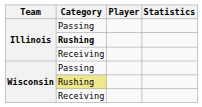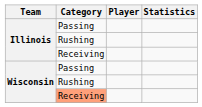 <table class="wikitable" style="float:right">
 <tr>
 <th>Team</th>
 <th>Category</th>
 <th>Player</th>
 <th>Statistics</th>
 </tr>
 <tr>
 <th rowspan=3>Illinois</th>
 <td>Passing</td>
 <td></td>
 <td></td>
 </tr>
 <tr>
-<td><strong>Rushing</strong></td>
+<td>Rushing</td>
 <td></td>
 <td></td>
 </tr>
 <tr>
 <td>Receiving</td>
 <td></td>
 <td></td>
 </tr>
 <tr>
 <th rowspan=3>Wisconsin</th>
 <td>Passing</td>
 <td></td>
 <td></td>
 </tr>
 <tr>
-<td style="background: khaki;">Rushing</td>
+<td>Rushing</td>
 <td></td>
 <td></td>
 </tr>
 <tr>
-<td>Receiving</td>
+<td style="background: lightsalmon;">Receiving</td>
 <td></td>
 <td></td>
 </tr>
 </table>
